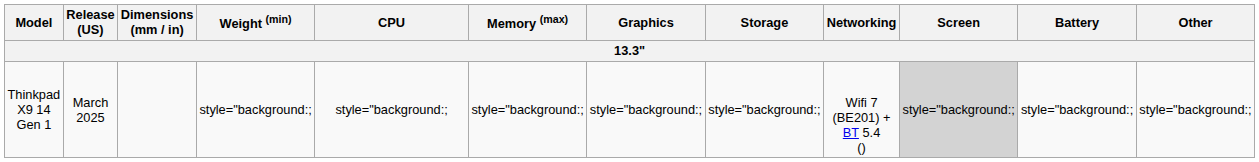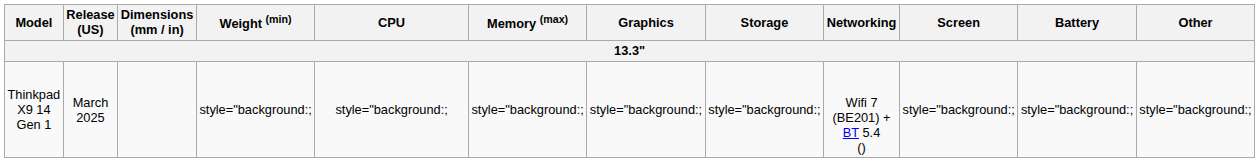 <table class="wikitable" style="font-size: 80%; text-align: center; min-width: 80%;">
 <tr>
 <th>Model</th>
 <th>Release (US)</th>
 <th>Dimensions (mm / in)</th>
 <th>Weight <sup>(min)</sup></th>
 <th style="width:17%">CPU</th>
 <th>Memory <sup>(max)</sup></th>
 <th>Graphics</th>
 <th>Storage</th>
 <th>Networking</th>
 <th>Screen</th>
 <th>Battery</th>
 <th>Other</th>
 </tr>
 <tr>
 <th colspan=12>13.3"</th>
 </tr>
 <tr>
 <td>Thinkpad X9 14 Gen 1 </td>
 <td>March 2025</td>
 <td></td>
 <td>style="background:;</td>
 <td>style="background:; </td>
 <td>style="background:;</td>
 <td>style="background:;</td>
 <td>style="background:;</td>
 <td><br><br>Wifi 7 (BE201) + <a href='#'>BT</a> 5.4 <br>()</td>
-<td style="background: lightgrey;">style="background:;</td>
+<td>style="background:;</td>
 <td>style="background:;</td>
 <td>style="background:;</td>
 </tr>
 </table>
